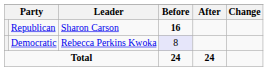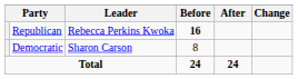 <table class="wikitable" style="text-align:center;">
 <tr>
 </tr>
 <tr>
 <th colspan="2">Party</th>
 <th>Leader</th>
 <th style="width:3em">Before</th>
 <th style="width:3em">After</th>
 <th style="width:3em">Change</th>
 </tr>
 <tr>
 <th style="background-color:"></th>
 <td style="text-align:left;"><a href='#'>Republican</a></td>
-<td style="text-align:left;"><a href='#'>Sharon Carson</a></td>
+<td style="text-align:left;"><a href='#'>Rebecca Perkins Kwoka</a></td>
 <td><strong>16</strong></td>
 <td></td>
 <td></td>
 </tr>
 <tr>
 <th style="background-color:"></th>
 <td style="text-align:left;"><a href='#'>Democratic</a></td>
-<td style="text-align:left;"><a href='#'>Rebecca Perkins Kwoka</a></td>
-<td style="background: lavender;">8</td>
+<td style="text-align:left;"><a href='#'>Sharon Carson</a></td>
+<td>8</td>
 <td></td>
 <td></td>
 </tr>
 <tr>
 <td colspan="3"><strong>Total</strong></td>
 <td><strong>24</strong></td>
 <td><strong>24</strong></td>
 <td></td>
 </tr>
 </table>
